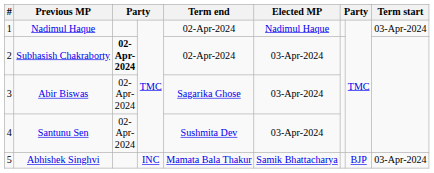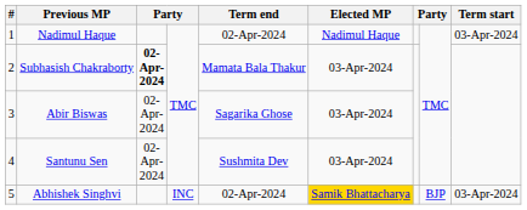 <table class="wikitable" style="text-align:center;">
 <tr>
 <th>#</th>
 <th>Previous MP</th>
 <th colspan="2">Party</th>
 <th>Term end</th>
 <th>Elected MP </th>
 <th colspan="2">Party</th>
 <th>Term start</th>
 </tr>
 <tr>
 <td>1</td>
 <td><a href='#'>Nadimul Haque</a></td>
 <td width="1px"></td>
 <td rowspan=4><a href='#'>TMC</a></td>
 <td>02-Apr-2024</td>
 <td><a href='#'>Nadimul Haque</a></td>
 <td width="1px"></td>
 <td rowspan=4><a href='#'>TMC</a></td>
 <td>03-Apr-2024</td>
 </tr>
 <tr>
 <td>2</td>
 <td><a href='#'>Subhasish Chakraborty</a></td>
 <td><strong>02-Apr-2024</strong></td>
-<td>02-Apr-2024</td>
+<td><a href='#'>Mamata Bala Thakur</a></td>
 <td>03-Apr-2024</td>
 </tr>
 <tr>
 <td>3</td>
 <td><a href='#'>Abir Biswas</a></td>
 <td>02-Apr-2024</td>
 <td><a href='#'>Sagarika Ghose</a></td>
 <td>03-Apr-2024</td>
 </tr>
 <tr>
 <td>4</td>
 <td><a href='#'>Santunu Sen</a></td>
 <td>02-Apr-2024</td>
 <td><a href='#'>Sushmita Dev</a></td>
 <td>03-Apr-2024</td>
 </tr>
 <tr>
 <td>5</td>
 <td><a href='#'>Abhishek Singhvi</a></td>
 <td width="1px"></td>
 <td><a href='#'>INC</a></td>
-<td><a href='#'>Mamata Bala Thakur</a></td>
-<td><a href='#'>Samik Bhattacharya</a></td>
+<td>02-Apr-2024</td>
+<td style="background: gold;"><a href='#'>Samik Bhattacharya</a></td>
 <td width="1px"></td>
 <td><a href='#'>BJP</a></td>
 <td>03-Apr-2024</td>
 </tr>
 </table>
